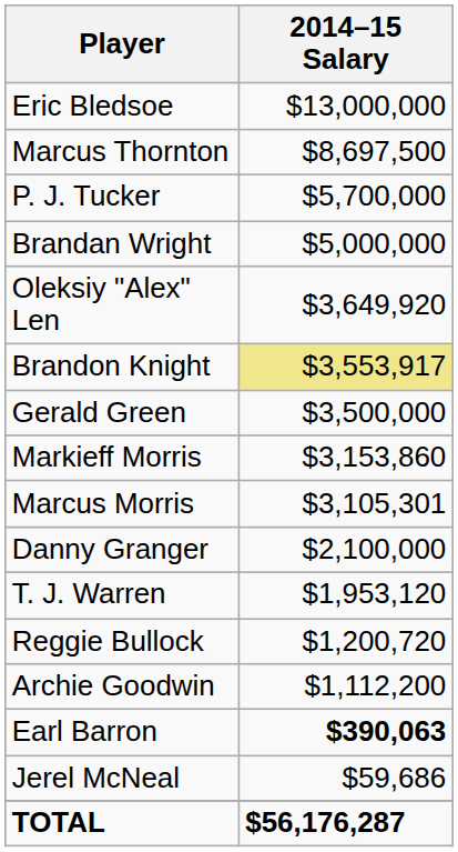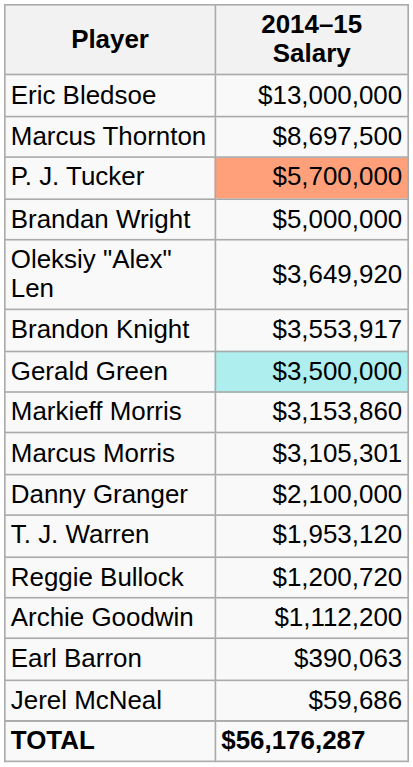 <table width=250 px; class="wikitable sortable sortable">
 <tr>
 <th style=>Player</th>
 <th style=>2014–15 Salary</th>
 </tr>
 <tr>
 <td>Eric Bledsoe</td>
 <td align="right">$13,000,000</td>
 </tr>
 <tr>
 <td>Marcus Thornton</td>
 <td align="right">$8,697,500</td>
 </tr>
 <tr>
 <td>P. J. Tucker</td>
-<td align="right">$5,700,000</td>
+<td align="right" style="background: lightsalmon;">$5,700,000</td>
 </tr>
 <tr>
 <td>Brandan Wright</td>
 <td align="right">$5,000,000</td>
 </tr>
 <tr>
 <td>Oleksiy "Alex" Len</td>
 <td align="right">$3,649,920</td>
 </tr>
 <tr>
 <td>Brandon Knight</td>
-<td align="right" style="background: khaki;">$3,553,917</td>
+<td align="right">$3,553,917</td>
 </tr>
 <tr>
 <td>Gerald Green</td>
-<td align="right">$3,500,000</td>
+<td align="right" style="background: paleturquoise;">$3,500,000</td>
 </tr>
 <tr>
 <td>Markieff Morris</td>
 <td align="right">$3,153,860</td>
 </tr>
 <tr>
 <td>Marcus Morris</td>
 <td align="right">$3,105,301</td>
 </tr>
 <tr>
 <td>Danny Granger</td>
 <td align="right">$2,100,000</td>
 </tr>
 <tr>
 <td>T. J. Warren</td>
 <td align="right">$1,953,120</td>
 </tr>
 <tr>
 <td>Reggie Bullock</td>
 <td align="right">$1,200,720</td>
 </tr>
 <tr>
 <td>Archie Goodwin</td>
 <td align="right">$1,112,200</td>
 </tr>
 <tr>
 <td>Earl Barron</td>
-<td align="right"><strong>$390,063</strong></td>
+<td align="right">$390,063</td>
 </tr>
 <tr>
 <td>Jerel McNeal</td>
 <td align="right">$59,686</td>
 </tr>
 <tr>
 </tr>
 <tr class="sortbottom">
 <td style=><strong>TOTAL</strong></td>
 <td style=><strong>$56,176,287</strong></td>
 </tr>
 </table>
